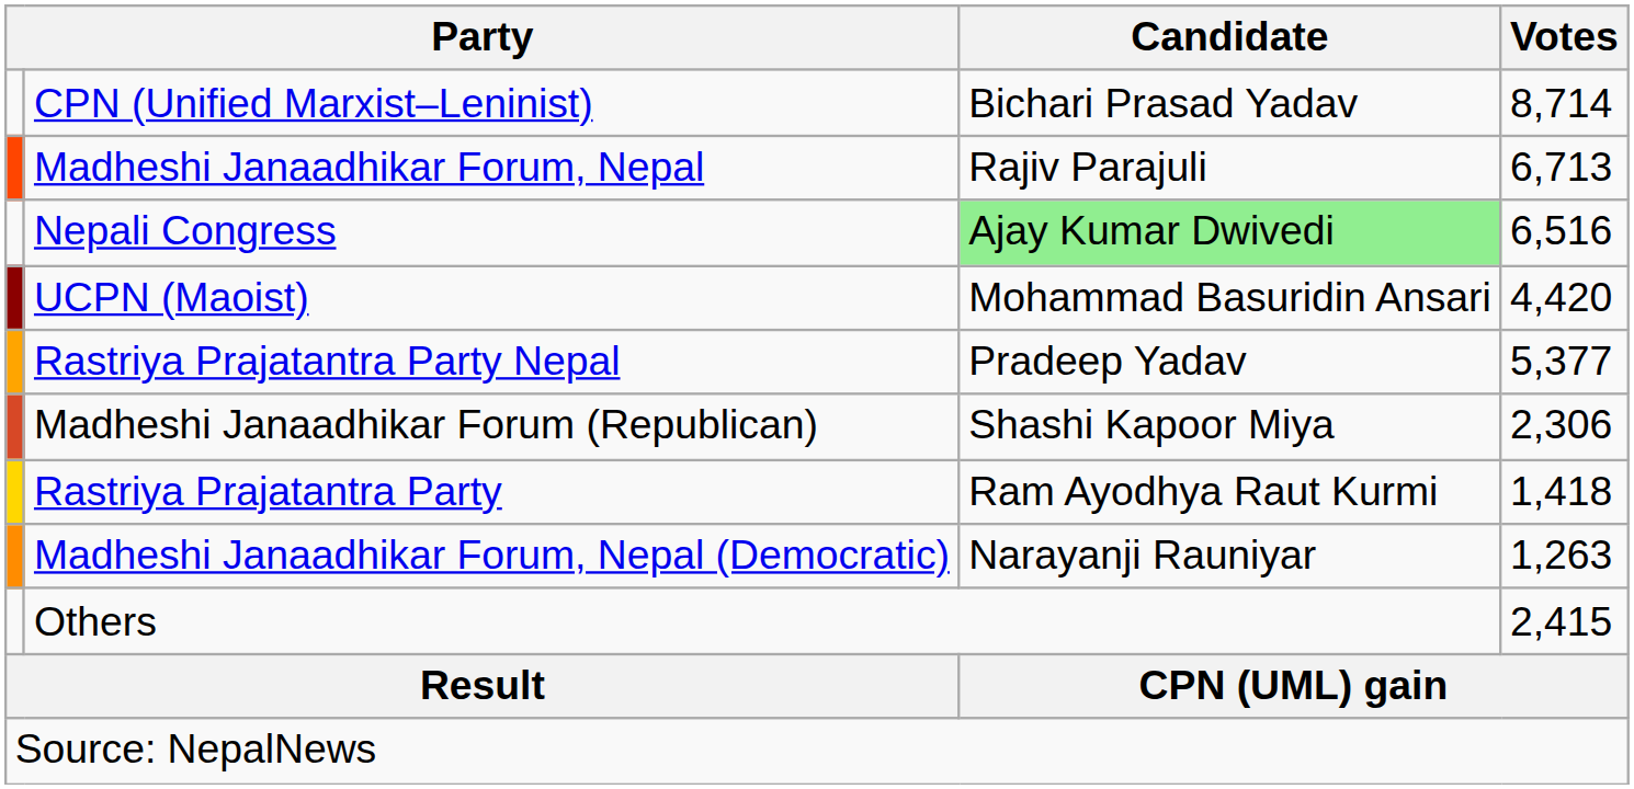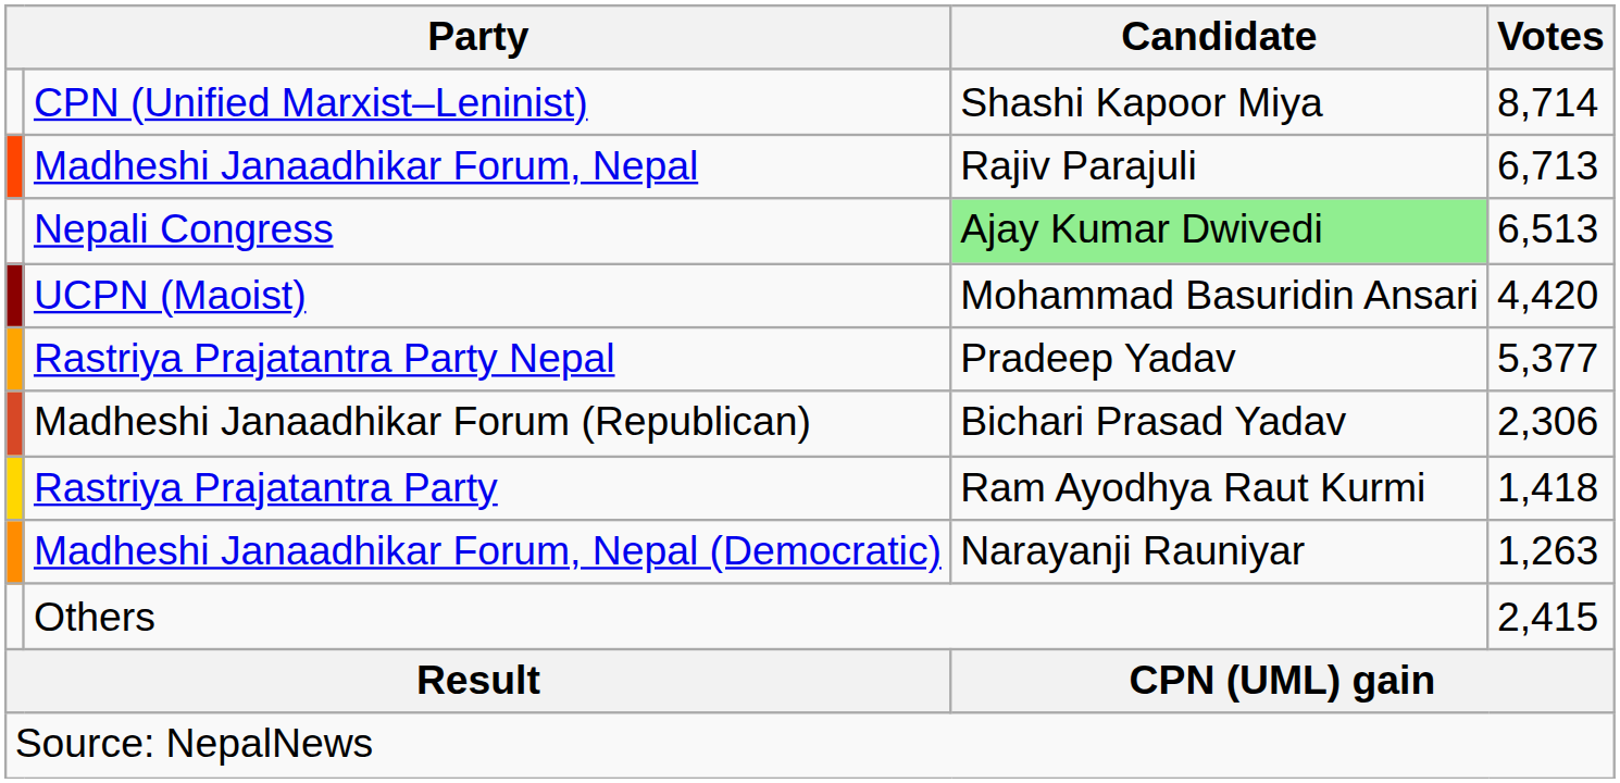 <table class="wikitable">
 <tr>
 <th colspan="2">Party</th>
 <th>Candidate</th>
 <th>Votes</th>
 </tr>
 <tr>
 <td style="background-color:"></td>
 <td><a href='#'>CPN (Unified Marxist–Leninist)</a></td>
-<td>Bichari Prasad Yadav</td>
+<td>Shashi Kapoor Miya</td>
 <td>8,714</td>
 </tr>
 <tr>
 <td style="background-color:orangered"></td>
 <td><a href='#'>Madheshi Janaadhikar Forum, Nepal</a></td>
 <td>Rajiv Parajuli</td>
 <td>6,713</td>
 </tr>
 <tr>
 <td style="background-color:"></td>
 <td><a href='#'>Nepali Congress</a></td>
 <td style="background: lightgreen;">Ajay Kumar Dwivedi</td>
-<td>6,516</td>
+<td>6,513</td>
 </tr>
 <tr>
 <td style="background-color:darkred"></td>
 <td><a href='#'>UCPN (Maoist)</a></td>
 <td>Mohammad Basuridin Ansari</td>
 <td>4,420</td>
 </tr>
 <tr>
 <td style="background-color:orange"></td>
 <td><a href='#'>Rastriya Prajatantra Party Nepal</a></td>
 <td>Pradeep Yadav</td>
 <td>5,377</td>
 </tr>
 <tr>
 <td style="background-color:#D74826"></td>
 <td>Madheshi Janaadhikar Forum (Republican)</td>
-<td>Shashi Kapoor Miya</td>
+<td>Bichari Prasad Yadav</td>
 <td>2,306</td>
 </tr>
 <tr>
 <td style="background-color:gold"></td>
 <td><a href='#'>Rastriya Prajatantra Party</a></td>
 <td>Ram Ayodhya Raut Kurmi</td>
 <td>1,418</td>
 </tr>
 <tr>
 <td style="background-color:darkorange"></td>
 <td><a href='#'>Madheshi Janaadhikar Forum, Nepal (Democratic)</a></td>
 <td>Narayanji Rauniyar</td>
 <td>1,263</td>
 </tr>
 <tr>
 <td></td>
 <td colspan="2">Others</td>
 <td>2,415</td>
 </tr>
 <tr>
 <th colspan="2">Result</th>
 <th colspan="2">CPN (UML) gain</th>
 </tr>
 <tr>
 <td colspan="4">Source: NepalNews</td>
 </tr>
 </table>
